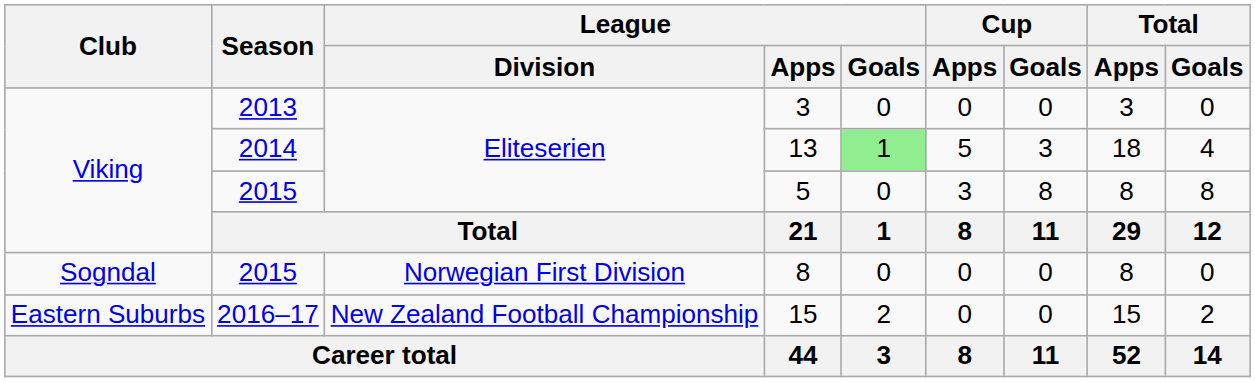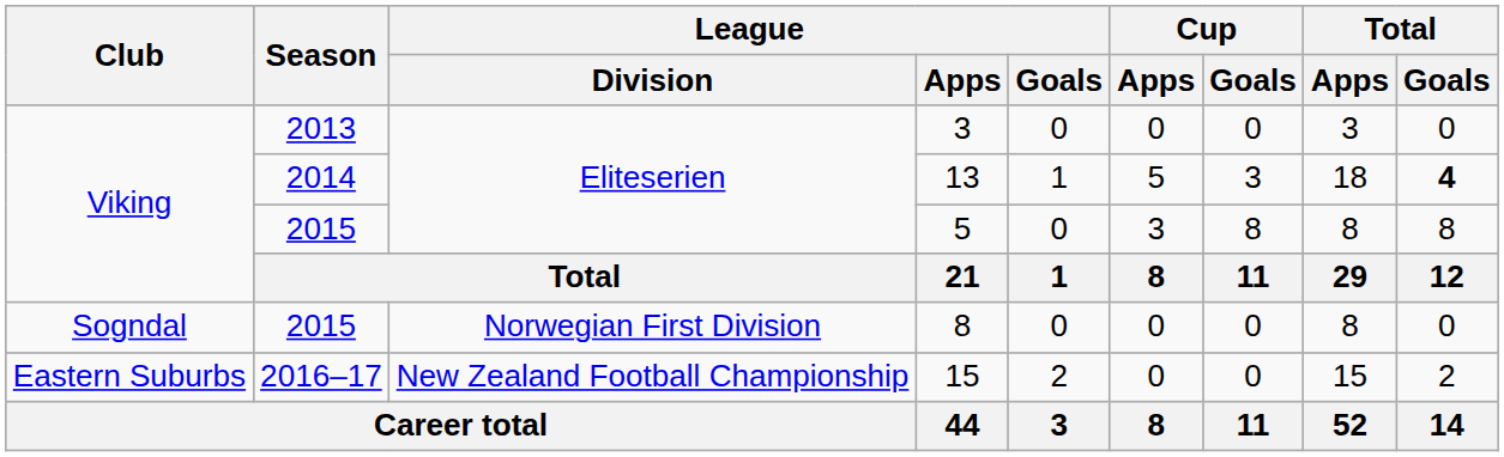 <table class="wikitable" style="text-align: center;">
 <tr>
 <th rowspan="2">Club</th>
 <th rowspan="2">Season</th>
 <th colspan="3">League</th>
 <th colspan="2">Cup</th>
 <th colspan="2">Total</th>
 </tr>
 <tr>
 <th>Division</th>
 <th>Apps</th>
 <th>Goals</th>
 <th>Apps</th>
 <th>Goals</th>
 <th>Apps</th>
 <th>Goals</th>
 </tr>
 <tr>
 <td rowspan="4"><a href='#'>Viking</a></td>
 <td><a href='#'>2013</a></td>
 <td rowspan="3"><a href='#'>Eliteserien</a></td>
 <td>3</td>
 <td>0</td>
 <td>0</td>
 <td>0</td>
 <td>3</td>
 <td>0</td>
 </tr>
 <tr>
 <td><a href='#'>2014</a></td>
 <td>13</td>
-<td style="background: lightgreen;">1</td>
+<td>1</td>
 <td>5</td>
 <td>3</td>
 <td>18</td>
-<td>4</td>
+<td><strong>4</strong></td>
 </tr>
 <tr>
 <td><a href='#'>2015</a></td>
 <td>5</td>
 <td>0</td>
 <td>3</td>
 <td>8</td>
 <td>8</td>
 <td>8</td>
 </tr>
 <tr>
 <th colspan="2">Total</th>
 <th>21</th>
 <th>1</th>
 <th>8</th>
 <th>11</th>
 <th>29</th>
 <th>12</th>
 </tr>
 <tr>
 <td><a href='#'>Sogndal</a></td>
 <td><a href='#'>2015</a></td>
 <td><a href='#'>Norwegian First Division</a></td>
 <td>8</td>
 <td>0</td>
 <td>0</td>
 <td>0</td>
 <td>8</td>
 <td>0</td>
 </tr>
 <tr>
 <td><a href='#'>Eastern Suburbs</a></td>
 <td><a href='#'>2016–17</a></td>
 <td><a href='#'>New Zealand Football Championship</a></td>
 <td>15</td>
 <td>2</td>
 <td>0</td>
 <td>0</td>
 <td>15</td>
 <td>2</td>
 </tr>
 <tr>
 <th colspan="3">Career total</th>
 <th>44</th>
 <th>3</th>
 <th>8</th>
 <th>11</th>
 <th>52</th>
 <th>14</th>
 </tr>
 </table>
